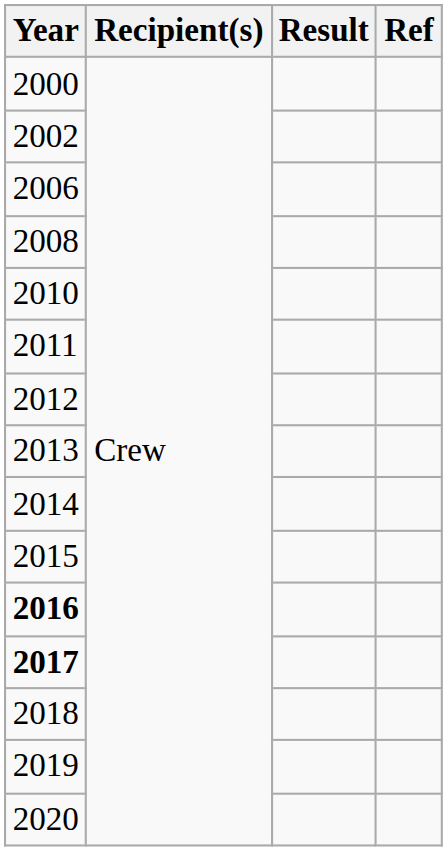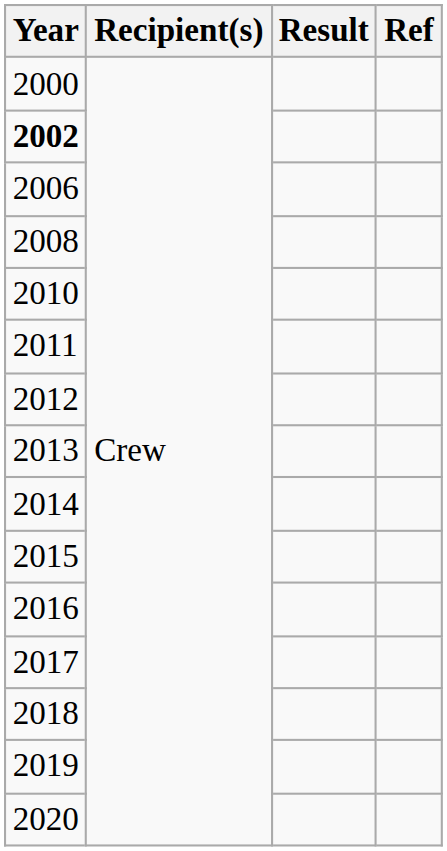 <table class="wikitable">
 <tr>
 <th scope="col">Year</th>
 <th scope="col">Recipient(s)</th>
 <th scope="col">Result</th>
 <th scope="col">Ref</th>
 </tr>
 <tr>
 <td>2000</td>
 <td rowspan=20>Crew</td>
 <td></td>
 <td style="text-align:center;"></td>
 </tr>
 <tr>
-<td>2002</td>
+<td><strong>2002</strong></td>
 <td></td>
 <td style="text-align:center;"></td>
 </tr>
 <tr>
 <td>2006</td>
 <td></td>
 <td style="text-align:center;"></td>
 </tr>
 <tr>
 <td>2008</td>
 <td></td>
 <td style="text-align:center;"></td>
 </tr>
 <tr>
 <td>2010</td>
 <td></td>
 <td style="text-align:center;"></td>
 </tr>
 <tr>
 <td>2011</td>
 <td></td>
 <td></td>
 </tr>
 <tr>
 <td>2012</td>
 <td></td>
 <td style="text-align:center;"></td>
 </tr>
 <tr>
 <td>2013</td>
 <td></td>
 <td style="text-align:center;"></td>
 </tr>
 <tr>
 <td>2014</td>
 <td></td>
 <td style="text-align:center;"></td>
 </tr>
 <tr>
 <td>2015</td>
 <td></td>
 <td style="text-align:center;"></td>
 </tr>
 <tr>
-<td><strong>2016</strong></td>
+<td>2016</td>
 <td></td>
 <td></td>
 </tr>
 <tr>
-<td><strong>2017</strong></td>
+<td>2017</td>
 <td></td>
 <td></td>
 </tr>
 <tr>
 <td>2018</td>
 <td></td>
 <td></td>
 </tr>
 <tr>
 <td>2019</td>
 <td></td>
 <td></td>
 </tr>
 <tr>
 <td>2020</td>
 <td></td>
 <td></td>
 </tr>
 </table>
